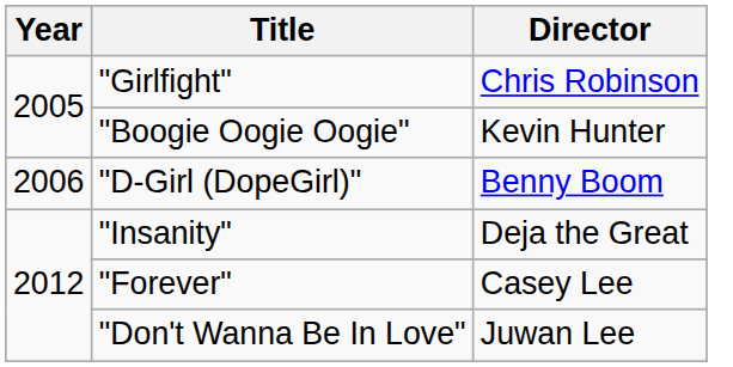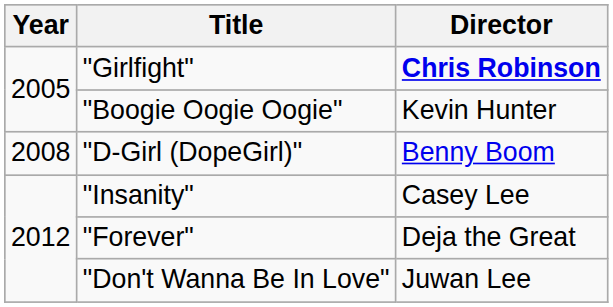 <table class="wikitable">
 <tr>
 <th>Year</th>
 <th>Title</th>
 <th>Director</th>
 </tr>
 <tr>
 <td rowspan="2">2005</td>
 <td>"Girlfight"</td>
-<td><a href='#'>Chris Robinson</a></td>
+<td><strong><a href='#'>Chris Robinson</a></strong></td>
 </tr>
 <tr>
 <td>"Boogie Oogie Oogie"</td>
 <td>Kevin Hunter</td>
 </tr>
 <tr>
-<td>2006</td>
+<td>2008</td>
 <td>"D-Girl (DopeGirl)"</td>
 <td><a href='#'>Benny Boom</a></td>
 </tr>
 <tr>
 <td rowspan="3">2012</td>
 <td>"Insanity"</td>
-<td>Deja the Great</td>
+<td>Casey Lee</td>
 </tr>
 <tr>
 <td>"Forever"</td>
-<td>Casey Lee</td>
+<td>Deja the Great</td>
 </tr>
 <tr>
 <td>"Don't Wanna Be In Love"</td>
 <td>Juwan Lee</td>
 </tr>
 </table>
